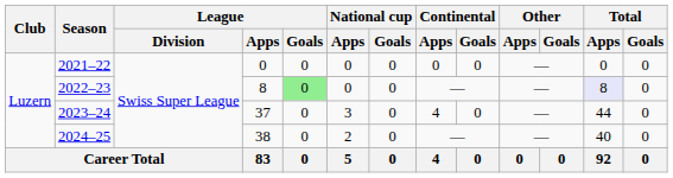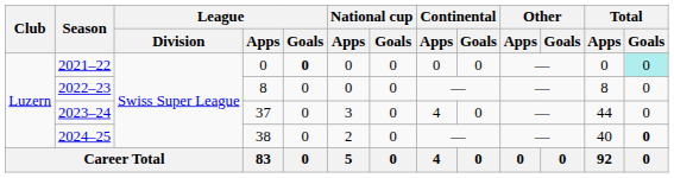 <table class="wikitable" style="text-align: center;">
 <tr>
 <th rowspan="2">Club</th>
 <th rowspan="2">Season</th>
 <th colspan="3">League</th>
 <th colspan="2">National cup</th>
 <th colspan="2">Continental</th>
 <th colspan="2">Other</th>
 <th colspan="2">Total</th>
 </tr>
 <tr>
 <th>Division</th>
 <th>Apps</th>
 <th>Goals</th>
 <th>Apps</th>
 <th>Goals</th>
 <th>Apps</th>
 <th>Goals</th>
 <th>Apps</th>
 <th>Goals</th>
 <th>Apps</th>
 <th>Goals</th>
 </tr>
 <tr>
 <td rowspan="4"><a href='#'>Luzern</a></td>
 <td><a href='#'>2021–22</a></td>
 <td rowspan="4"><a href='#'>Swiss Super League</a></td>
 <td>0</td>
-<td>0</td>
+<td><strong>0</strong></td>
 <td>0</td>
 <td>0</td>
 <td>0</td>
 <td>0</td>
 <td colspan="2">—</td>
 <td>0</td>
-<td>0</td>
+<td style="background: paleturquoise;">0</td>
 </tr>
 <tr>
 <td><a href='#'>2022–23</a></td>
 <td>8</td>
-<td style="background: lightgreen;">0</td>
+<td>0</td>
 <td>0</td>
 <td>0</td>
 <td colspan="2">—</td>
 <td colspan="2">—</td>
-<td style="background: lavender;">8</td>
+<td>8</td>
 <td>0</td>
 </tr>
 <tr>
 <td><a href='#'>2023–24</a></td>
 <td>37</td>
 <td>0</td>
 <td>3</td>
 <td>0</td>
 <td>4</td>
 <td>0</td>
 <td colspan="2">—</td>
 <td>44</td>
 <td>0</td>
 </tr>
 <tr>
 <td><a href='#'>2024–25</a></td>
 <td>38</td>
 <td>0</td>
 <td>2</td>
 <td>0</td>
 <td colspan="2">—</td>
 <td colspan="2">—</td>
 <td>40</td>
-<td>0</td>
+<td><strong>0</strong></td>
 </tr>
 <tr>
 <th colspan="3">Career Total</th>
 <th>83</th>
 <th>0</th>
 <th>5</th>
 <th>0</th>
 <th>4</th>
 <th>0</th>
 <th>0</th>
 <th>0</th>
 <th>92</th>
 <th>0</th>
 </tr>
 </table>
